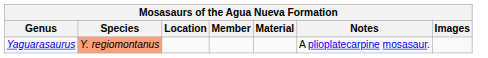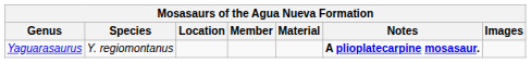 <table class="wikitable" align="center">
 <tr>
 <th colspan="7" align="center">Mosasaurs of the Agua Nueva Formation</th>
 </tr>
 <tr>
 <th>Genus</th>
 <th>Species</th>
 <th>Location</th>
 <th>Member</th>
 <th>Material</th>
 <th>Notes</th>
 <th>Images</th>
 </tr>
 <tr>
 <td><em><a href='#'>Yaguarasaurus</a></em></td>
-<td style="background: lightsalmon;"><em>Y. regiomontanus</em></td>
+<td><em>Y. regiomontanus</em></td>
 <td></td>
 <td></td>
 <td></td>
-<td>A <a href='#'>plioplatecarpine</a> <a href='#'>mosasaur</a>.</td>
+<td><strong>A <a href='#'>plioplatecarpine</a> <a href='#'>mosasaur</a>.</strong></td>
 <td></td>
 </tr>
 </table>
